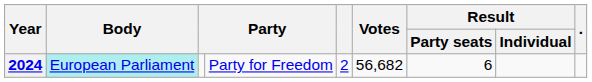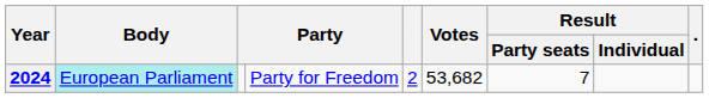 <table class="wikitable plainrowheaders sortable" border=2 cellpadding=4 cellspacing=0 style="border: 1px #aaa solid; font-size: 90%; text-align:center;">
 <tr>
 <th scope="col" rowspan=2>Year</th>
 <th scope="col" rowspan=2>Body</th>
 <th scope="col" colspan=2 rowspan=2>Party</th>
 <th scope="col" rowspan=2></th>
 <th scope="col" rowspan=2>Votes</th>
 <th scope="colgroup" colspan=2>Result</th>
 <th scope="col" rowspan=2>.</th>
 </tr>
 <tr>
 <th scope="col">Party seats</th>
 <th scope="col">Individual</th>
 </tr>
 <tr>
 <th scope="row"><a href='#'>2024</a></th>
 <td style="background: paleturquoise;"><a href='#'>European Parliament</a></td>
 <td style="background-color:"></td>
 <td><a href='#'>Party for Freedom</a></td>
 <td style=text-align:right><a href='#'>2</a></td>
-<td style=text-align:right>56,682</td>
-<td style=text-align:right>6</td>
+<td style=text-align:right>53,682</td>
+<td style=text-align:right>7</td>
 <td></td>
 <td></td>
 </tr>
 </table>
